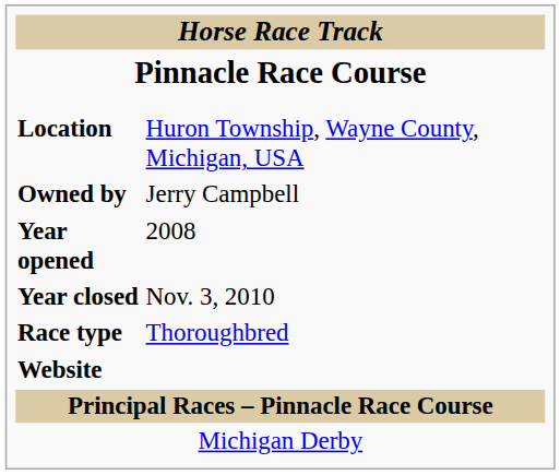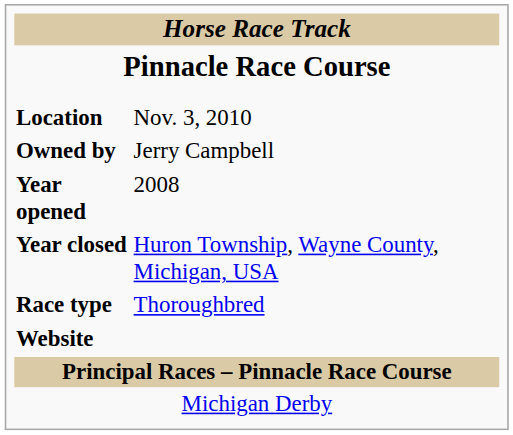 <table class="infobox" style="font-size:90%;width:22em;">
 <tr>
 <th style="font-size:110%;text-align:center;;background:#DACAA5;" colspan="2"><em>Horse Race Track</em></th>
 </tr>
 <tr>
 <th colspan="2" style="font-size:125%;text-align:center;">Pinnacle Race Course</th>
 </tr>
 <tr>
 <td colspan="2" style="font-size:90%;text-align:center;padding-bottom:.5em;"></td>
 </tr>
 <tr>
 <td><strong>Location</strong></td>
-<td><a href='#'>Huron Township</a>, <a href='#'>Wayne County</a>, <a href='#'>Michigan, USA</a></td>
+<td>Nov. 3, 2010</td>
 </tr>
 <tr>
 <td><strong>Owned by</strong></td>
 <td>Jerry Campbell</td>
 </tr>
 <tr>
 <td><strong>Year opened</strong></td>
 <td>2008</td>
 </tr>
 <tr>
 <td><strong>Year closed</strong></td>
-<td>Nov. 3, 2010</td>
+<td><a href='#'>Huron Township</a>, <a href='#'>Wayne County</a>, <a href='#'>Michigan, USA</a></td>
 </tr>
 <tr>
 <td><strong>Race type</strong></td>
 <td><a href='#'>Thoroughbred</a></td>
 </tr>
 <tr>
 <td><strong>Website</strong></td>
 <td></td>
 </tr>
 <tr>
 <th style="background:#DACAA5;" colspan="2">Principal Races – Pinnacle Race Course</th>
 </tr>
 <tr>
 <td colspan="2" style="text-align:center;width:25em; padding:0px; border:none;"><a href='#'>Michigan Derby</a></td>
 </tr>
 <tr>
 </tr>
 </table>
